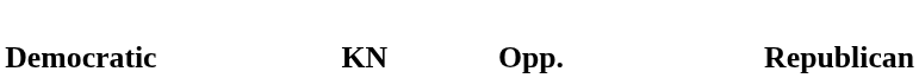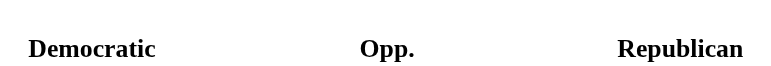 <table style="width:70%; text-align:center">
 <tr style="color:white">
 <td style="background:"><strong>98</strong></td>
-<td style="background:"><strong>5</strong></td>
 <td style="background:"><strong>19</strong></td>
 <td style="background:"><strong>116</strong></td>
 </tr>
 <tr>
 <td><span><strong>Democratic</strong></span></td>
-<td><span><strong>KN</strong></span></td>
 <td><span><strong>Opp.</strong></span></td>
 <td><span><strong>Republican</strong></span></td>
 </tr>
 </table>
